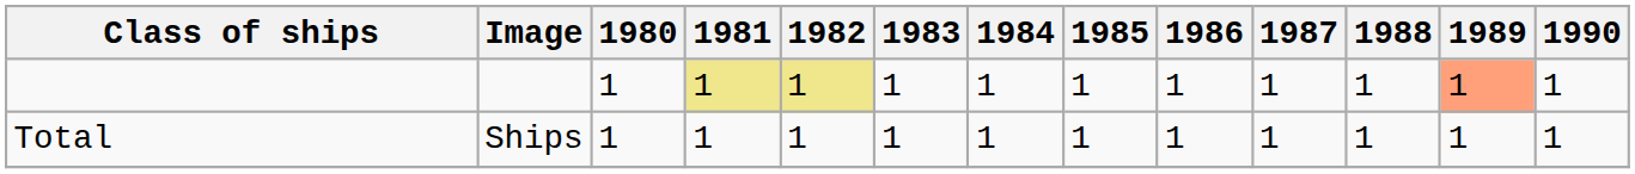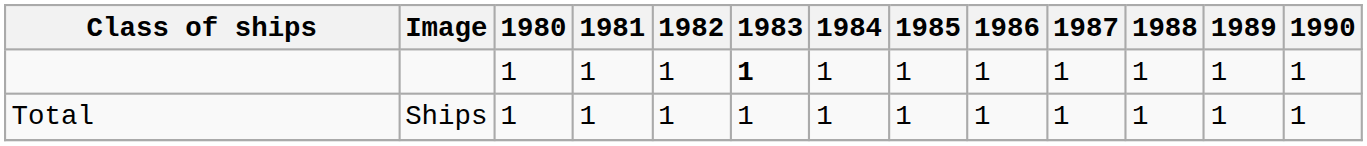 <table class="wikitable sortable collapsible collapsed">
 <tr>
 <th style="width:29%;">Class of ships</th>
 <th>Image</th>
 <th>1980</th>
 <th>1981</th>
 <th>1982</th>
 <th>1983</th>
 <th>1984</th>
 <th>1985</th>
 <th>1986</th>
 <th>1987</th>
 <th>1988</th>
 <th>1989</th>
 <th>1990</th>
 </tr>
 <tr valign="top">
 <td></td>
 <td></td>
 <td>1</td>
-<td style="background: khaki;">1</td>
-<td style="background: khaki;">1</td>
+<td>1</td>
+<td>1</td>
+<td><strong>1</strong></td>
 <td>1</td>
 <td>1</td>
 <td>1</td>
 <td>1</td>
 <td>1</td>
 <td>1</td>
-<td style="background: lightsalmon;">1</td>
 <td>1</td>
 </tr>
 <tr valign="top">
 <td>Total</td>
 <td>Ships</td>
 <td>1</td>
 <td>1</td>
 <td>1</td>
 <td>1</td>
 <td>1</td>
 <td>1</td>
 <td>1</td>
 <td>1</td>
 <td>1</td>
 <td>1</td>
 <td>1</td>
 </tr>
 <tr>
 </tr>
 </table>
